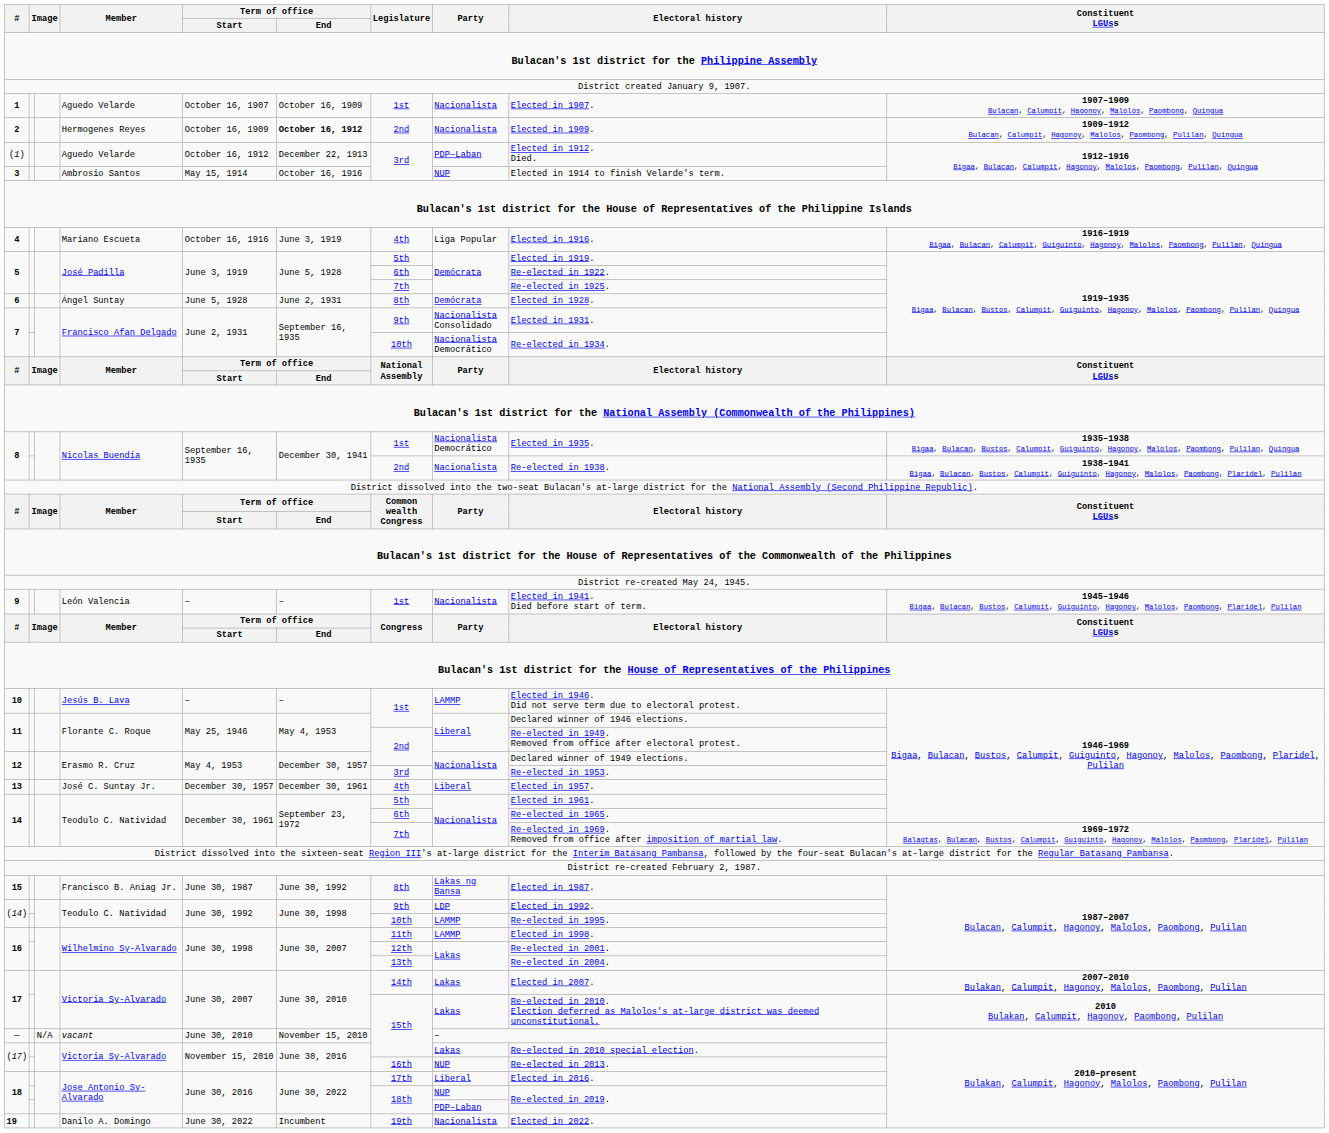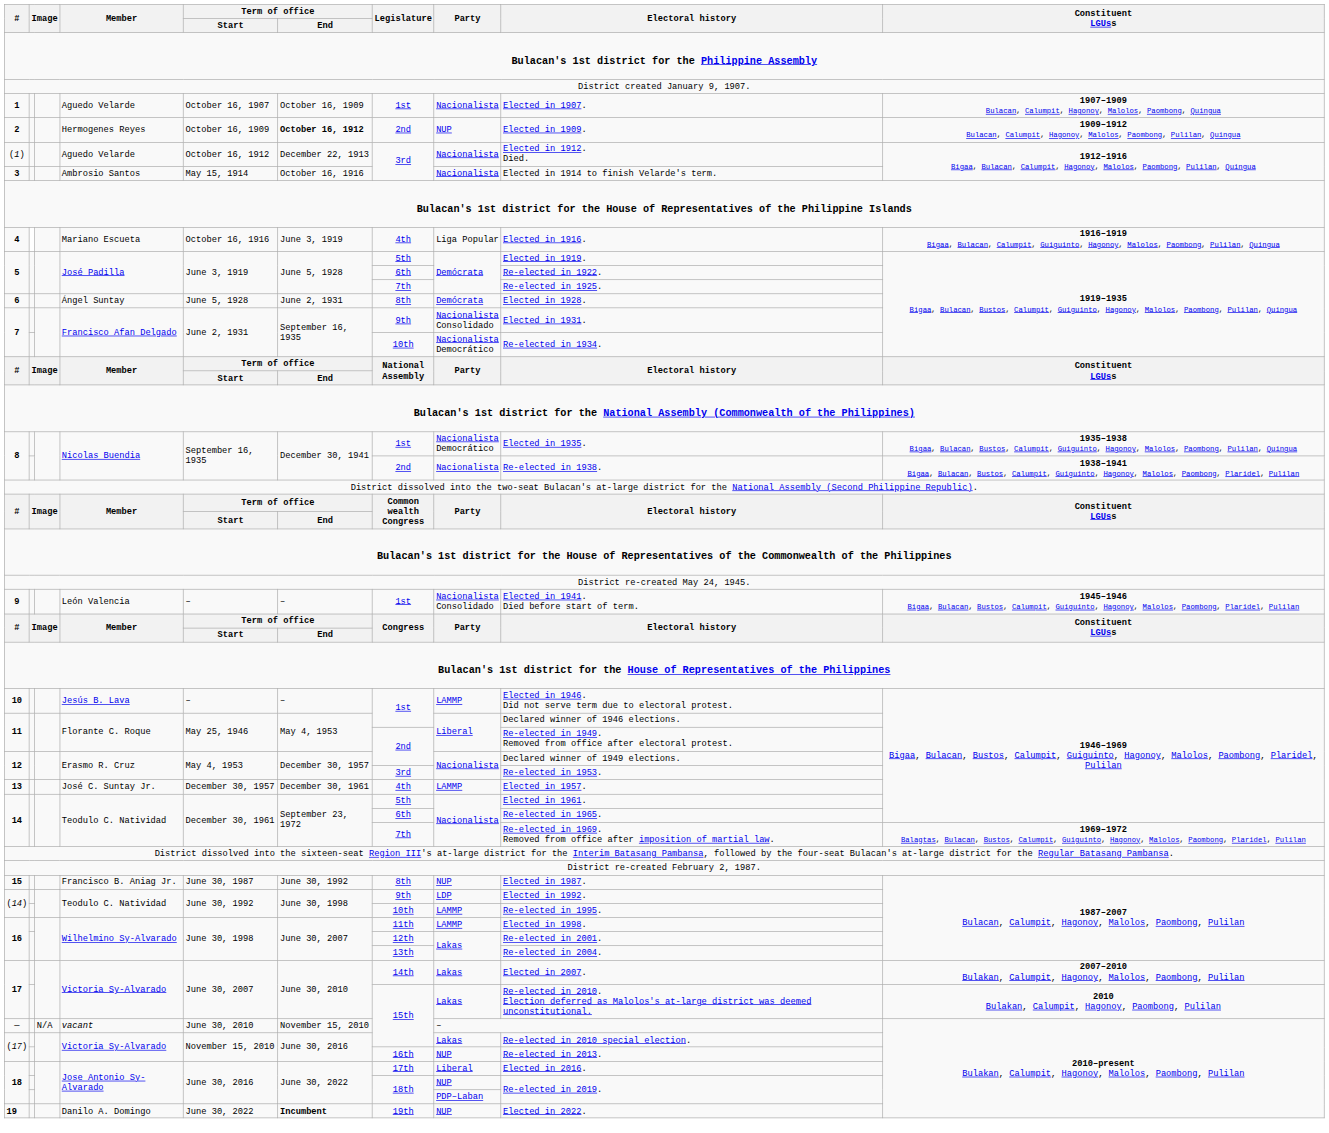 <table class=wikitable>
 <tr>
 <th rowspan="2">#</th>
 <th rowspan="2" colspan=2>Image</th>
 <th rowspan="2">Member</th>
 <th colspan=2>Term of office</th>
 <th rowspan="2">Legislature</th>
 <th rowspan="2">Party</th>
 <th rowspan="2">Electoral history</th>
 <th rowspan="2">Constituent<br><a href='#'>LGUs</a>s</th>
 </tr>
 <tr>
 <th>Start</th>
 <th>End</th>
 </tr>
 <tr>
 <td colspan="10" style="text-align:center;"><br><h3>Bulacan's 1st district for the <a href='#'>Philippine Assembly</a></h3></td>
 </tr>
 <tr>
 <td colspan="10" style="text-align:center;">District created January 9, 1907.</td>
 </tr>
 <tr>
 <td style="text-align:center;"><strong>1</strong></td>
 <td style="color:inherit;background:"></td>
 <td></td>
 <td>Aguedo Velarde</td>
 <td>October 16, 1907</td>
 <td>October 16, 1909</td>
 <td style="text-align:center;"><a href='#'>1st</a></td>
 <td><a href='#'>Nacionalista</a></td>
 <td><a href='#'>Elected in 1907</a>.</td>
 <td style="text-align:center;"><strong>1907–1909</strong><br><small><a href='#'>Bulacan</a>, <a href='#'>Calumpit</a>, <a href='#'>Hagonoy</a>, <a href='#'>Malolos</a>, <a href='#'>Paombong</a>, <a href='#'>Quingua</a></small></td>
 </tr>
 <tr>
 <td style="text-align:center;"><strong>2</strong></td>
 <td style="color:inherit;background:"></td>
 <td></td>
 <td>Hermogenes Reyes</td>
 <td>October 16, 1909</td>
 <td><strong>October 16, 1912</strong></td>
 <td style="text-align:center;"><a href='#'>2nd</a></td>
-<td><a href='#'>Nacionalista</a></td>
+<td><a href='#'>NUP</a></td>
 <td><a href='#'>Elected in 1909</a>.</td>
 <td style="text-align:center;"><strong>1909–1912</strong><br><small><a href='#'>Bulacan</a>, <a href='#'>Calumpit</a>, <a href='#'>Hagonoy</a>, <a href='#'>Malolos</a>, <a href='#'>Paombong</a>, <a href='#'>Pulilan</a>, <a href='#'>Quingua</a></small></td>
 </tr>
 <tr>
 <td style="text-align:center;">(<em>1</em>)</td>
 <td style="color:inherit;background:"></td>
 <td></td>
 <td>Aguedo Velarde</td>
 <td>October 16, 1912</td>
 <td>December 22, 1913</td>
 <td rowspan="2" style="text-align:center;"><a href='#'>3rd</a></td>
-<td><a href='#'>PDP–Laban</a></td>
+<td><a href='#'>Nacionalista</a></td>
 <td><a href='#'>Elected in 1912</a>.<br>Died.</td>
 <td rowspan="2" style="text-align:center;"><strong>1912–1916</strong><br><small><a href='#'>Bigaa</a>, <a href='#'>Bulacan</a>, <a href='#'>Calumpit</a>, <a href='#'>Hagonoy</a>, <a href='#'>Malolos</a>, <a href='#'>Paombong</a>, <a href='#'>Pulilan</a>, <a href='#'>Quingua</a></small></td>
 </tr>
 <tr>
 <td style="text-align:center;"><strong>3</strong></td>
 <td style="color:inherit;background:"></td>
 <td></td>
 <td>Ambrosio Santos</td>
 <td>May 15, 1914</td>
 <td>October 16, 1916</td>
-<td><a href='#'>NUP</a></td>
+<td><a href='#'>Nacionalista</a></td>
 <td>Elected in 1914 to finish Velarde's term.</td>
 </tr>
 <tr>
 <td colspan="10" style="text-align:center;"><br><h3>Bulacan's 1st district for the House of Representatives of the Philippine Islands</h3></td>
 </tr>
 <tr>
 <td style="text-align:center;"><strong>4</strong></td>
 <td style="color:inherit;background:#FFFFFF"></td>
 <td></td>
 <td>Mariano Escueta</td>
 <td>October 16, 1916</td>
 <td>June 3, 1919</td>
 <td style="text-align:center;"><a href='#'>4th</a></td>
 <td>Liga Popular</td>
 <td><a href='#'>Elected in 1916</a>.</td>
 <td style="text-align:center;"><strong>1916–1919</strong><br><small><a href='#'>Bigaa</a>, <a href='#'>Bulacan</a>, <a href='#'>Calumpit</a>, <a href='#'>Guiguinto</a>, <a href='#'>Hagonoy</a>, <a href='#'>Malolos</a>, <a href='#'>Paombong</a>, <a href='#'>Pulilan</a>, <a href='#'>Quingua</a></small></td>
 </tr>
 <tr>
 <td rowspan="3" style="text-align:center;"><strong>5</strong></td>
 <td rowspan="3" style="color:inherit;background:"></td>
 <td rowspan="3"></td>
 <td rowspan="3"><a href='#'>José Padilla</a></td>
 <td rowspan="3">June 3, 1919</td>
 <td rowspan="3">June 5, 1928</td>
 <td style="text-align:center;"><a href='#'>5th</a></td>
 <td rowspan="3"><a href='#'>Demócrata</a></td>
 <td><a href='#'>Elected in 1919</a>.</td>
 <td rowspan="6" style="text-align:center;"><strong>1919–1935</strong><br><small><a href='#'>Bigaa</a>, <a href='#'>Bulacan</a>, <a href='#'>Bustos</a>, <a href='#'>Calumpit</a>, <a href='#'>Guiguinto</a>, <a href='#'>Hagonoy</a>, <a href='#'>Malolos</a>, <a href='#'>Paombong</a>, <a href='#'>Pulilan</a>, <a href='#'>Quingua</a></small></td>
 </tr>
 <tr>
 <td style="text-align:center;"><a href='#'>6th</a></td>
 <td><a href='#'>Re-elected in 1922</a>.</td>
 </tr>
 <tr>
 <td style="text-align:center;"><a href='#'>7th</a></td>
 <td><a href='#'>Re-elected in 1925</a>.</td>
 </tr>
 <tr>
 <td style="text-align:center;"><strong>6</strong></td>
 <td style="color:inherit;background:"></td>
 <td></td>
 <td>Ángel Suntay</td>
 <td>June 5, 1928</td>
 <td>June 2, 1931</td>
 <td style="text-align:center;"><a href='#'>8th</a></td>
 <td><a href='#'>Demócrata</a></td>
 <td><a href='#'>Elected in 1928</a>.</td>
 </tr>
 <tr>
 <td rowspan="2" style="text-align:center;"><strong>7</strong></td>
 <td style="color:inherit;background:"></td>
 <td rowspan="2"></td>
 <td rowspan="2"><a href='#'>Francisco Afan Delgado</a></td>
 <td rowspan="2">June 2, 1931</td>
 <td rowspan="2">September 16, 1935</td>
 <td style="text-align:center;"><a href='#'>9th</a></td>
 <td><a href='#'>Nacionalista</a><br>Consolidado</td>
 <td><a href='#'>Elected in 1931</a>.</td>
 </tr>
 <tr>
 <td style="color:inherit;background:"></td>
 <td style="text-align:center;"><a href='#'>10th</a></td>
 <td><a href='#'>Nacionalista</a><br>Democrático</td>
 <td><a href='#'>Re-elected in 1934</a>.</td>
 </tr>
 <tr>
 <th rowspan="2">#</th>
 <th rowspan="2" colspan=2>Image</th>
 <th rowspan="2">Member</th>
 <th colspan=2>Term of office</th>
 <th rowspan="2">National<br>Assembly</th>
 <th rowspan="2">Party</th>
 <th rowspan="2">Electoral history</th>
 <th rowspan="2">Constituent<br><a href='#'>LGUs</a>s</th>
 </tr>
 <tr>
 <th>Start</th>
 <th>End</th>
 </tr>
 <tr>
 <td colspan="10" style="text-align:center;"><br><h3>Bulacan's 1st district for the <a href='#'>National Assembly (Commonwealth of the Philippines)</a></h3></td>
 </tr>
 <tr>
 <td rowspan="2" style="text-align:center;"><strong>8</strong></td>
 <td style="color:inherit;background:"></td>
 <td rowspan="2"></td>
 <td rowspan="2"><a href='#'>Nicolas Buendia</a></td>
 <td rowspan="2">September 16, 1935</td>
 <td rowspan="2">December 30, 1941</td>
 <td style="text-align:center;"><a href='#'>1st</a></td>
 <td><a href='#'>Nacionalista</a><br>Democrático</td>
 <td><a href='#'>Elected in 1935</a>.</td>
 <td style="text-align:center;"><strong>1935–1938</strong><br><small><a href='#'>Bigaa</a>, <a href='#'>Bulacan</a>, <a href='#'>Bustos</a>, <a href='#'>Calumpit</a>, <a href='#'>Guiguinto</a>, <a href='#'>Hagonoy</a>, <a href='#'>Malolos</a>, <a href='#'>Paombong</a>, <a href='#'>Pulilan</a>, <a href='#'>Quingua</a></small></td>
 </tr>
 <tr>
 <td style="color:inherit;background:"></td>
 <td style="text-align:center;"><a href='#'>2nd</a></td>
 <td><a href='#'>Nacionalista</a></td>
 <td><a href='#'>Re-elected in 1938</a>.</td>
 <td style="text-align:center;"><strong>1938–1941</strong><br><small><a href='#'>Bigaa</a>, <a href='#'>Bulacan</a>, <a href='#'>Bustos</a>, <a href='#'>Calumpit</a>, <a href='#'>Guiguinto</a>, <a href='#'>Hagonoy</a>, <a href='#'>Malolos</a>, <a href='#'>Paombong</a>, <a href='#'>Plaridel</a>, <a href='#'>Pulilan</a></small></td>
 </tr>
 <tr>
 <td colspan="10" style="text-align:center;">District dissolved into the two-seat Bulacan's at-large district for the <a href='#'>National Assembly (Second Philippine Republic)</a>.</td>
 </tr>
 <tr>
 <th rowspan="2">#</th>
 <th rowspan="2" colspan=2>Image</th>
 <th rowspan="2">Member</th>
 <th colspan=2>Term of office</th>
 <th rowspan="2">Common<br>wealth<br>Congress</th>
 <th rowspan="2">Party</th>
 <th rowspan="2">Electoral history</th>
 <th rowspan="2">Constituent<br><a href='#'>LGUs</a>s</th>
 </tr>
 <tr>
 <th>Start</th>
 <th>End</th>
 </tr>
 <tr>
 <td colspan="10" style="text-align:center;"><br><h3>Bulacan's 1st district for the House of Representatives of the Commonwealth of the Philippines</h3></td>
 </tr>
 <tr>
 <td colspan="10" style="text-align:center;">District re-created May 24, 1945.</td>
 </tr>
 <tr>
 <td style="text-align:center;"><strong>9</strong></td>
 <td style="color:inherit;background:"></td>
 <td></td>
 <td>León Valencia</td>
 <td>–</td>
 <td>–</td>
 <td style="text-align:center;"><a href='#'>1st</a></td>
-<td><a href='#'>Nacionalista</a></td>
+<td><a href='#'>Nacionalista</a><br>Consolidado</td>
 <td><a href='#'>Elected in 1941</a>.<br>Died before start of term.</td>
 <td style="text-align:center;"><strong>1945–1946</strong><br><small><a href='#'>Bigaa</a>, <a href='#'>Bulacan</a>, <a href='#'>Bustos</a>, <a href='#'>Calumpit</a>, <a href='#'>Guiguinto</a>, <a href='#'>Hagonoy</a>, <a href='#'>Malolos</a>, <a href='#'>Paombong</a>, <a href='#'>Plaridel</a>, <a href='#'>Pulilan</a></small></td>
 </tr>
 <tr>
 <th rowspan="2">#</th>
 <th rowspan="2" colspan=2>Image</th>
 <th rowspan="2">Member</th>
 <th colspan=2>Term of office</th>
 <th rowspan="2">Congress</th>
 <th rowspan="2">Party</th>
 <th rowspan="2">Electoral history</th>
 <th rowspan="2">Constituent<br><a href='#'>LGUs</a>s</th>
 </tr>
 <tr>
 <th>Start</th>
 <th>End</th>
 </tr>
 <tr>
 <td colspan="10" style="text-align:center;"><br><h3>Bulacan's 1st district for the <a href='#'>House of Representatives of the Philippines</a></h3></td>
 </tr>
 <tr>
 <td style="text-align:center;"><strong>10</strong></td>
 <td style="color:inherit;background:"></td>
 <td></td>
 <td><a href='#'>Jesús B. Lava</a></td>
 <td>–</td>
 <td>–</td>
 <td rowspan="2" style="text-align:center;"><a href='#'>1st</a></td>
 <td><a href='#'>LAMMP</a></td>
 <td><a href='#'>Elected in 1946</a>.<br>Did not serve term due to electoral protest. </td>
 <td rowspan="8" style="text-align:center;"><strong>1946–1969</strong><br><a href='#'>Bigaa</a>, <a href='#'>Bulacan</a>, <a href='#'>Bustos</a>, <a href='#'>Calumpit</a>, <a href='#'>Guiguinto</a>, <a href='#'>Hagonoy</a>, <a href='#'>Malolos</a>, <a href='#'>Paombong</a>, <a href='#'>Plaridel</a>, <a href='#'>Pulilan</a></td>
 </tr>
 <tr>
 <td rowspan="2" style="text-align:center;"><strong>11</strong></td>
 <td rowspan="2" style="color:inherit;background:"></td>
 <td rowspan="2"></td>
 <td rowspan="2">Florante C. Roque</td>
 <td rowspan="2">May 25, 1946</td>
 <td rowspan="2">May 4, 1953</td>
 <td rowspan="2"><a href='#'>Liberal</a></td>
 <td>Declared winner of 1946 elections.</td>
 </tr>
 <tr>
 <td rowspan="2" style="text-align:center;"><a href='#'>2nd</a></td>
 <td><a href='#'>Re-elected in 1949</a>.<br>Removed from office after electoral protest.</td>
 </tr>
 <tr>
 <td rowspan="2" style="text-align:center;"><strong>12</strong></td>
 <td rowspan="2" style="color:inherit;background:"></td>
 <td rowspan="2"></td>
 <td rowspan="2">Erasmo R. Cruz</td>
 <td rowspan="2">May 4, 1953</td>
 <td rowspan="2">December 30, 1957</td>
 <td rowspan="2"><a href='#'>Nacionalista</a></td>
 <td>Declared winner of 1949 elections.</td>
 </tr>
 <tr>
 <td style="text-align:center;"><a href='#'>3rd</a></td>
 <td><a href='#'>Re-elected in 1953</a>.</td>
 </tr>
 <tr>
 <td style="text-align:center;"><strong>13</strong></td>
 <td style="color:inherit;background:"></td>
 <td></td>
 <td>José C. Suntay Jr.</td>
 <td>December 30, 1957</td>
 <td>December 30, 1961</td>
 <td style="text-align:center;"><a href='#'>4th</a></td>
-<td><a href='#'>Liberal</a></td>
+<td><a href='#'>LAMMP</a></td>
 <td><a href='#'>Elected in 1957</a>.</td>
 </tr>
 <tr>
 <td rowspan="3" style="text-align:center;"><strong>14</strong></td>
 <td rowspan="3" style="color:inherit;background:"></td>
 <td rowspan="3"></td>
 <td rowspan="3">Teodulo C. Natividad</td>
 <td rowspan="3">December 30, 1961</td>
 <td rowspan="3">September 23, 1972</td>
 <td style="text-align:center;"><a href='#'>5th</a></td>
 <td rowspan="3"><a href='#'>Nacionalista</a></td>
 <td><a href='#'>Elected in 1961</a>.</td>
 </tr>
 <tr>
 <td style="text-align:center;"><a href='#'>6th</a></td>
 <td><a href='#'>Re-elected in 1965</a>.</td>
 </tr>
 <tr>
 <td style="text-align:center;"><a href='#'>7th</a></td>
 <td><a href='#'>Re-elected in 1969</a>.<br>Removed from office after <a href='#'>imposition of martial law</a>.</td>
 <td style="text-align:center;"><strong>1969–1972</strong><br><small><a href='#'>Balagtas</a>, <a href='#'>Bulacan</a>, <a href='#'>Bustos</a>, <a href='#'>Calumpit</a>, <a href='#'>Guiguinto</a>, <a href='#'>Hagonoy</a>, <a href='#'>Malolos</a>, <a href='#'>Paombong</a>, <a href='#'>Plaridel</a>, <a href='#'>Pulilan</a></small></td>
 </tr>
 <tr>
 <td colspan="10" style="text-align:center;">District dissolved into the sixteen-seat <a href='#'>Region III</a>'s at-large district for the <a href='#'>Interim Batasang Pambansa</a>, followed by the four-seat Bulacan's at-large district for the <a href='#'>Regular Batasang Pambansa</a>.</td>
 </tr>
 <tr>
 <td colspan="10" style="text-align:center;">District re-created February 2, 1987.</td>
 </tr>
 <tr>
 <td style="text-align:center;"><strong>15</strong></td>
 <td style="color:inherit;background:"></td>
 <td></td>
 <td>Francisco B. Aniag Jr.</td>
 <td>June 30, 1987</td>
 <td>June 30, 1992</td>
 <td style="text-align:center;"><a href='#'>8th</a></td>
-<td><a href='#'>Lakas ng Bansa</a></td>
+<td><a href='#'>NUP</a></td>
 <td><a href='#'>Elected in 1987</a>.</td>
 <td rowspan="6" style="text-align:center;"><strong>1987–2007</strong><br><a href='#'>Bulacan</a>, <a href='#'>Calumpit</a>, <a href='#'>Hagonoy</a>, <a href='#'>Malolos</a>, <a href='#'>Paombong</a>, <a href='#'>Pulilan</a></td>
 </tr>
 <tr>
 <td rowspan="2" style="text-align:center;">(<em>14</em>)</td>
 <td style="color:inherit;background:"></td>
 <td rowspan="2"></td>
 <td rowspan="2">Teodulo C. Natividad</td>
 <td rowspan="2">June 30, 1992</td>
 <td rowspan="2">June 30, 1998</td>
 <td style="text-align:center;"><a href='#'>9th</a></td>
 <td><a href='#'>LDP</a></td>
 <td><a href='#'>Elected in 1992</a>.</td>
 </tr>
 <tr>
 <td style="color:inherit;background:"></td>
 <td style="text-align:center;"><a href='#'>10th</a></td>
 <td><a href='#'>LAMMP</a></td>
 <td><a href='#'>Re-elected in 1995</a>.</td>
 </tr>
 <tr>
 <td rowspan="3" style="text-align:center;"><strong>16</strong></td>
 <td style="color:inherit;background:"></td>
 <td rowspan="3"></td>
 <td rowspan="3"><a href='#'>Wilhelmino Sy-Alvarado</a></td>
 <td rowspan="3">June 30, 1998</td>
 <td rowspan="3">June 30, 2007</td>
 <td style="text-align:center;"><a href='#'>11th</a></td>
 <td><a href='#'>LAMMP</a></td>
 <td><a href='#'>Elected in 1998</a>.</td>
 </tr>
 <tr>
 <td rowspan="2" style="color:inherit;background:"></td>
 <td style="text-align:center;"><a href='#'>12th</a></td>
 <td rowspan="2"><a href='#'>Lakas</a></td>
 <td><a href='#'>Re-elected in 2001</a>.</td>
 </tr>
 <tr>
 <td style="text-align:center;"><a href='#'>13th</a></td>
 <td><a href='#'>Re-elected in 2004</a>.</td>
 </tr>
 <tr>
 <td rowspan="2" style="text-align:center;"><strong>17</strong></td>
 <td style="color:inherit;background:"></td>
 <td rowspan="2"></td>
 <td rowspan="2"><a href='#'>Victoria Sy-Alvarado</a></td>
 <td rowspan="2">June 30, 2007</td>
 <td rowspan="2">June 30, 2010</td>
 <td style="text-align:center;"><a href='#'>14th</a></td>
 <td><a href='#'>Lakas</a></td>
 <td><a href='#'>Elected in 2007</a>.</td>
 <td style="text-align:center;"><strong>2007–2010</strong><br><a href='#'>Bulakan</a>, <a href='#'>Calumpit</a>, <a href='#'>Hagonoy</a>, <a href='#'>Malolos</a>, <a href='#'>Paombong</a>, <a href='#'>Pulilan</a></td>
 </tr>
 <tr>
 <td style="color:inherit;background:"></td>
 <td rowspan="3" style="text-align:center;"><a href='#'>15th</a></td>
 <td><a href='#'>Lakas</a> </td>
 <td><a href='#'>Re-elected in 2010</a>.<br><a href='#'>Election deferred as Malolos's at-large district was deemed unconstitutional.</a></td>
 <td style="text-align:center;"><strong>2010</strong><br><a href='#'>Bulakan</a>, <a href='#'>Calumpit</a>, <a href='#'>Hagonoy</a>, <a href='#'>Paombong</a>, <a href='#'>Pulilan</a></td>
 </tr>
 <tr>
 <td style="text-align:center;">—</td>
 <td></td>
 <td>N/A</td>
 <td><em>vacant</em></td>
 <td>June 30, 2010</td>
 <td>November 15, 2010</td>
 <td colspan="2">–</td>
 <td rowspan="7" style="text-align:center;"><strong>2010–present</strong><br><a href='#'>Bulakan</a>, <a href='#'>Calumpit</a>, <a href='#'>Hagonoy</a>, <a href='#'>Malolos</a>, <a href='#'>Paombong</a>, <a href='#'>Pulilan</a></td>
 </tr>
 <tr>
 <td style="text-align:center;" rowspan="2">(<em>17</em>)</td>
 <td style="color:inherit;background:"></td>
 <td rowspan="2"></td>
 <td rowspan="2"><a href='#'>Victoria Sy-Alvarado</a></td>
 <td rowspan="2">November 15, 2010</td>
 <td rowspan="2">June 30, 2016</td>
 <td><a href='#'>Lakas</a></td>
 <td><a href='#'>Re-elected in 2010 special election</a>.</td>
 </tr>
 <tr>
 <td style="color:inherit;background:"></td>
 <td style="text-align:center;"><a href='#'>16th</a></td>
 <td><a href='#'>NUP</a></td>
 <td><a href='#'>Re-elected in 2013</a>.</td>
 </tr>
 <tr>
 <td rowspan="3" style="text-align:center;"><strong>18</strong></td>
 <td style="color:inherit;background:"></td>
 <td rowspan="3"></td>
 <td rowspan="3"><a href='#'>Jose Antonio Sy-Alvarado</a></td>
 <td rowspan="3">June 30, 2016</td>
 <td rowspan="3">June 30, 2022</td>
 <td style="text-align:center;"><a href='#'>17th</a></td>
 <td><a href='#'>Liberal</a></td>
 <td><a href='#'>Elected in 2016</a>.</td>
 </tr>
 <tr>
 <td style="color:inherit;background:"></td>
 <td rowspan="2" style="text-align:center;"><a href='#'>18th</a></td>
 <td><a href='#'>NUP</a></td>
 <td rowspan="2"><a href='#'>Re-elected in 2019</a>.</td>
 </tr>
 <tr>
 <td style="color:inherit;background:"></td>
 <td><a href='#'>PDP–Laban</a></td>
 </tr>
 <tr>
 <td><strong>19</strong></td>
 <td style="color:inherit;background:"></td>
 <td></td>
 <td>Danilo A. Domingo</td>
 <td>June 30, 2022</td>
-<td>Incumbent</td>
+<td><strong>Incumbent</strong></td>
 <td style="text-align:center;"><a href='#'>19th</a></td>
-<td><a href='#'>Nacionalista</a></td>
+<td><a href='#'>NUP</a></td>
 <td><a href='#'>Elected in 2022</a>.</td>
 </tr>
 </table>
